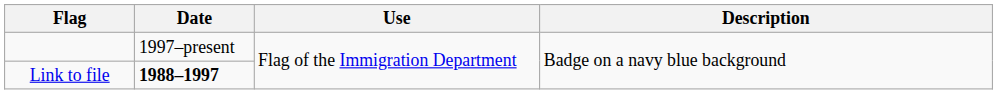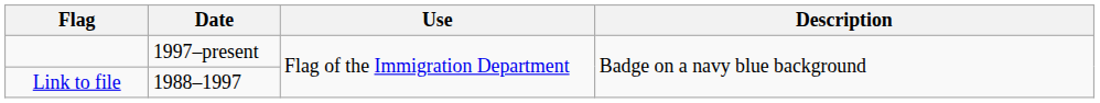 <table class="wikitable" style="background:#f9f9f9">
 <tr>
 <th width="110">Flag</th>
 <th width="100">Date</th>
 <th width="250">Use</th>
 <th width="400">Description</th>
 </tr>
 <tr>
 <td></td>
 <td>1997–present</td>
 <td rowspan="2">Flag of the <a href='#'>Immigration Department</a></td>
 <td rowspan="2">Badge on a navy blue background</td>
 </tr>
 <tr>
 <td style="text-align:center;"><a href='#'>Link to file</a></td>
-<td><strong>1988–1997</strong></td>
+<td>1988–1997</td>
 </tr>
 </table>
